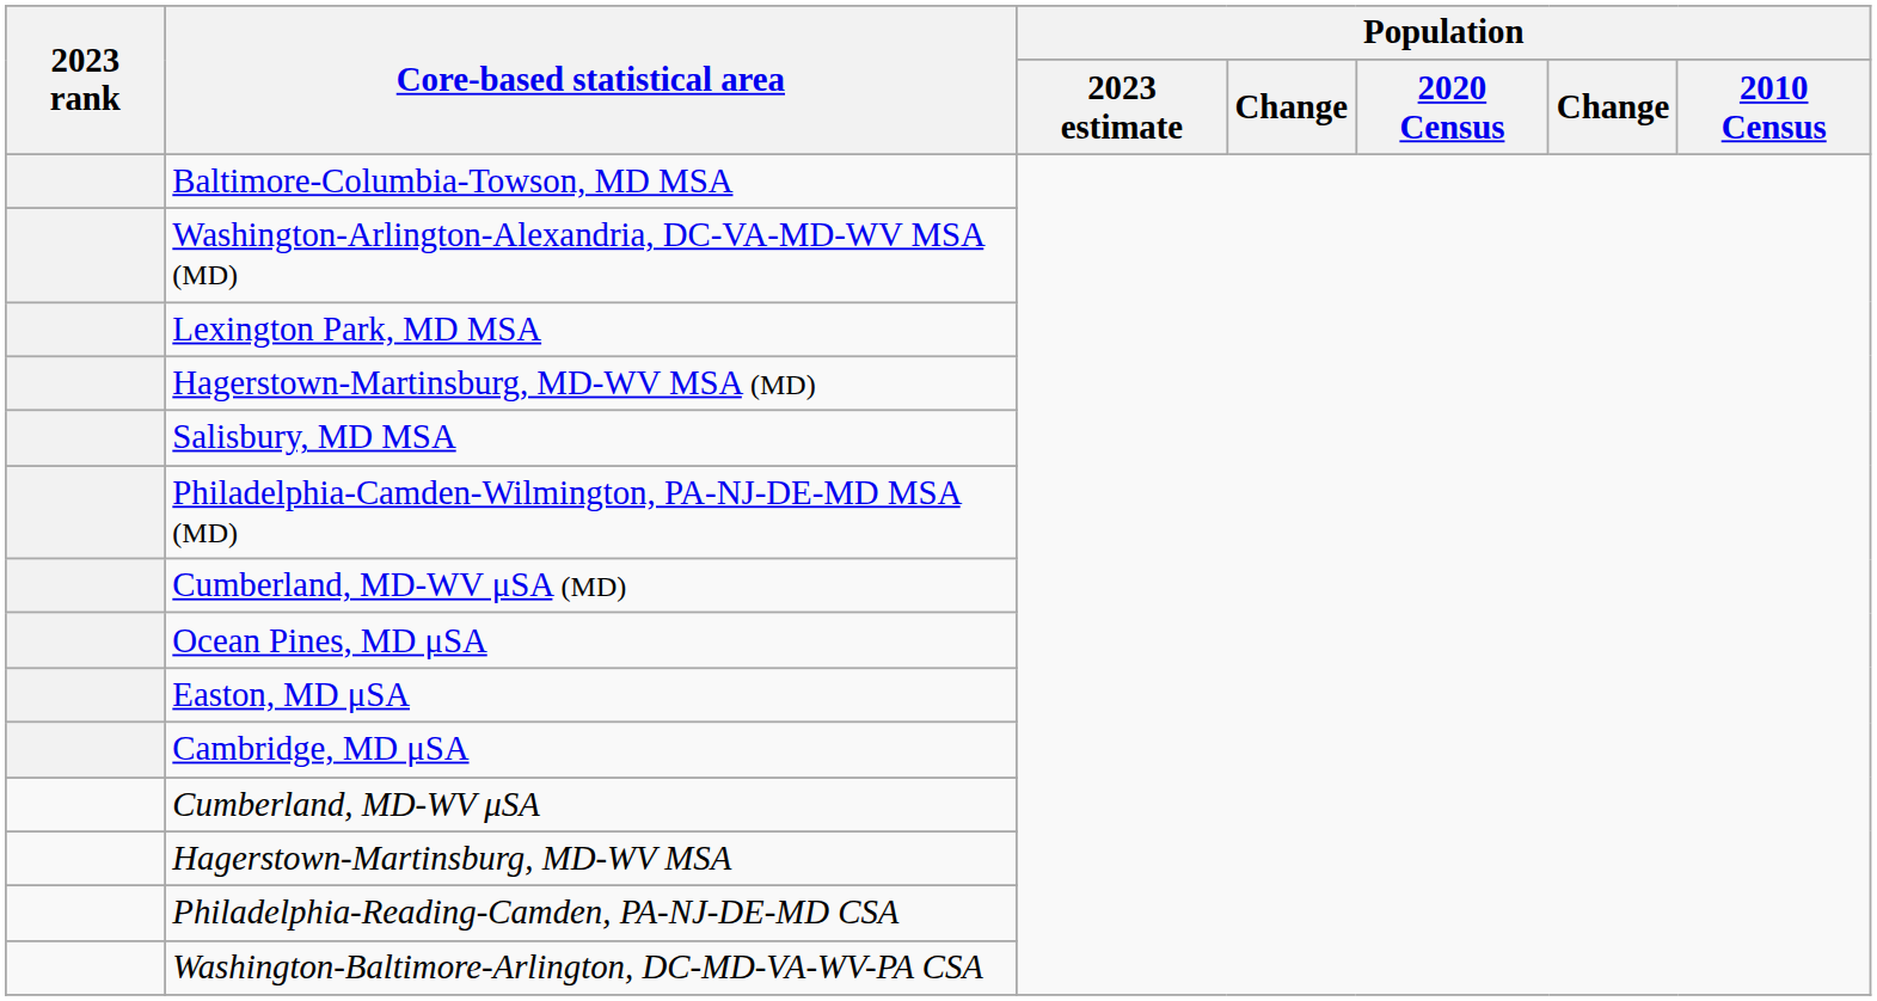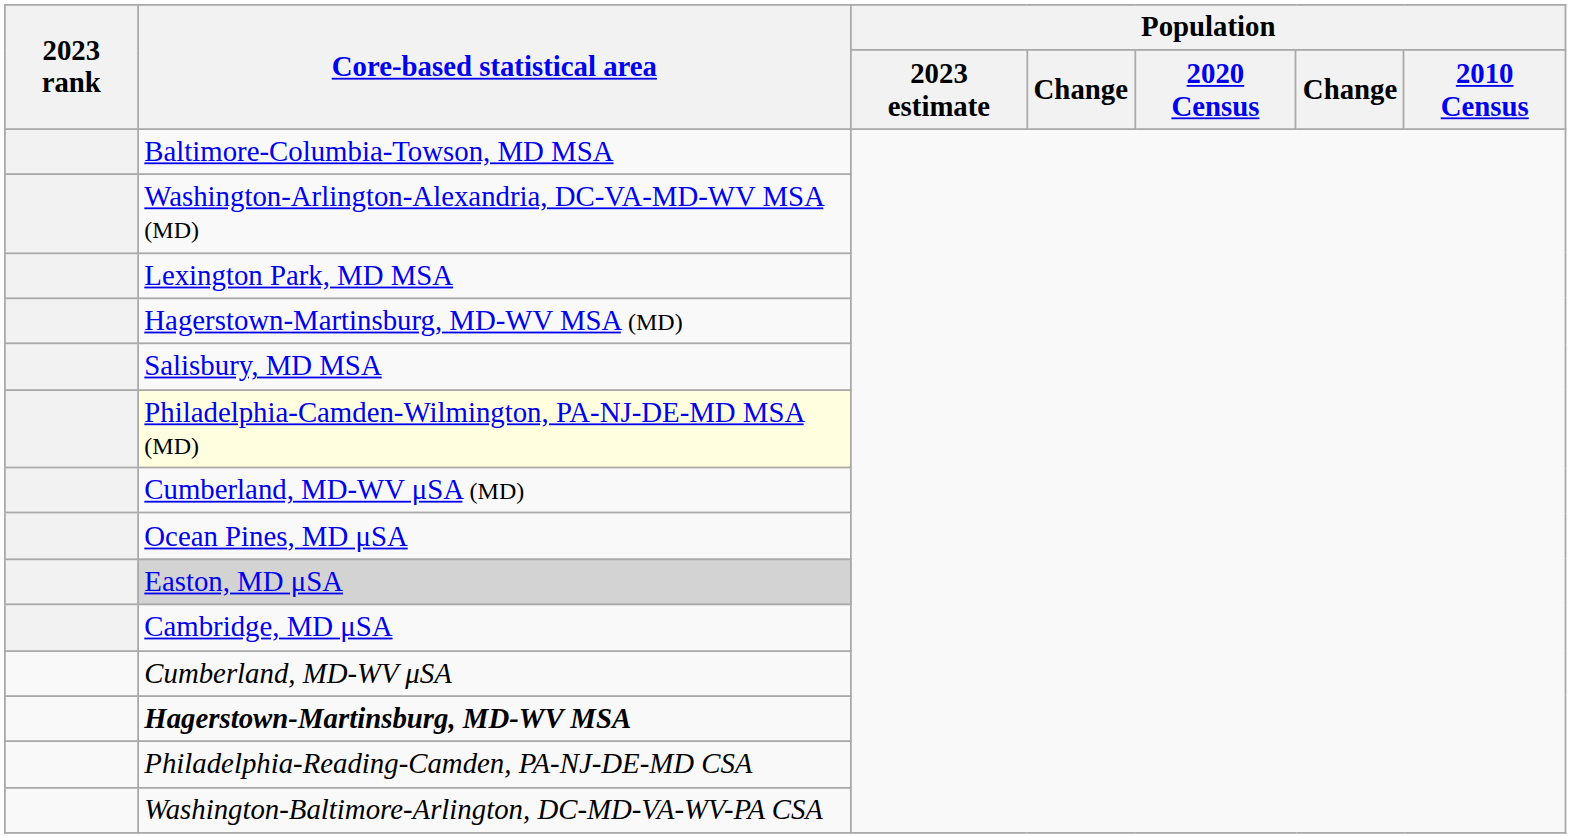 <table class="wikitable sortable">
 <tr>
 <th scope=col rowspan=2>2023 rank</th>
 <th scope=col rowspan=2><a href='#'>Core-based statistical area</a></th>
 <th colspan=5>Population</th>
 </tr>
 <tr>
 <th scope=col>2023 estimate</th>
 <th scope=col>Change</th>
 <th scope=col><a href='#'>2020 Census</a></th>
 <th scope=col>Change</th>
 <th scope=col><a href='#'>2010 Census</a></th>
 </tr>
 <tr>
 <th scope=row></th>
 <td><a href='#'>Baltimore-Columbia-Towson, MD MSA</a><br></td>
 </tr>
 <tr>
 <th scope=row></th>
 <td><a href='#'>Washington-Arlington-Alexandria, DC-VA-MD-WV MSA</a> <small>(MD)</small><br></td>
 </tr>
 <tr>
 <th scope=row></th>
 <td><a href='#'>Lexington Park, MD MSA</a><br></td>
 </tr>
 <tr>
 <th scope=row></th>
 <td><a href='#'>Hagerstown-Martinsburg, MD-WV MSA</a> <small>(MD)</small><br></td>
 </tr>
 <tr>
 <th scope=row></th>
 <td><a href='#'>Salisbury, MD MSA</a><br></td>
 </tr>
 <tr>
 <th scope=row></th>
-<td><a href='#'>Philadelphia-Camden-Wilmington, PA-NJ-DE-MD MSA</a> <small>(MD)</small><br></td>
+<td style="background: lightyellow;"><a href='#'>Philadelphia-Camden-Wilmington, PA-NJ-DE-MD MSA</a> <small>(MD)</small><br></td>
 </tr>
 <tr>
 <th scope=row></th>
 <td><a href='#'>Cumberland, MD-WV μSA</a> <small>(MD)</small><br></td>
 </tr>
 <tr>
 <th scope=row></th>
 <td><a href='#'>Ocean Pines, MD μSA</a><br></td>
 </tr>
 <tr>
 <th scope=row></th>
-<td><a href='#'>Easton, MD μSA</a><br></td>
+<td style="background: lightgrey;"><a href='#'>Easton, MD μSA</a><br></td>
 </tr>
 <tr>
 <th scope=row></th>
 <td><a href='#'>Cambridge, MD μSA</a><br></td>
 </tr>
 <tr>
 <td></td>
 <td><em><span>Cumberland, MD-WV μSA</span></em><br></td>
 </tr>
 <tr>
 <td></td>
-<td><em><span>Hagerstown-Martinsburg, MD-WV MSA</span></em><br></td>
+<td><strong><em><span>Hagerstown-Martinsburg, MD-WV MSA</span></em><br></strong></td>
 </tr>
 <tr>
 <td></td>
 <td><em><span>Philadelphia-Reading-Camden, PA-NJ-DE-MD CSA</span></em><br></td>
 </tr>
 <tr>
 <td></td>
 <td><em><span>Washington-Baltimore-Arlington, DC-MD-VA-WV-PA CSA</span></em><br></td>
 </tr>
 </table>
